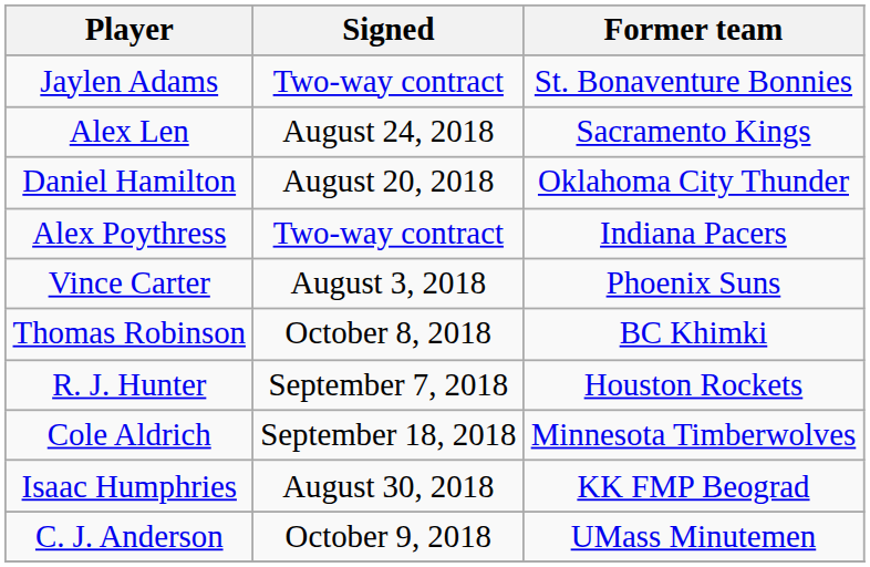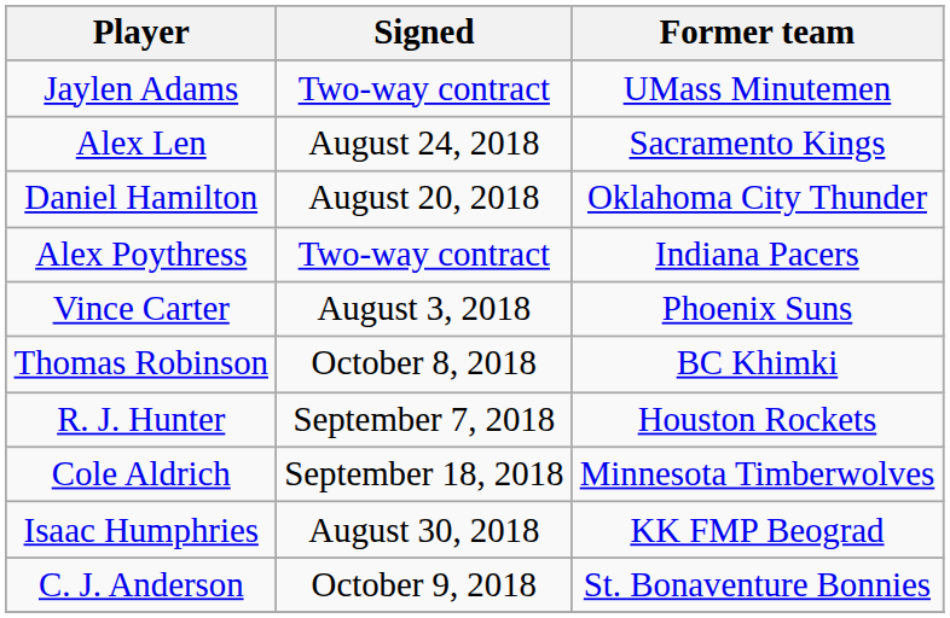 <table class="wikitable sortable sortable" style="text-align: center">
 <tr>
 <th>Player</th>
 <th>Signed</th>
 <th>Former team</th>
 </tr>
 <tr style="text-align: center">
 <td><a href='#'>Jaylen Adams</a></td>
 <td><a href='#'>Two-way contract</a></td>
-<td><a href='#'>St. Bonaventure Bonnies</a></td>
+<td><a href='#'>UMass Minutemen</a></td>
 </tr>
 <tr style="text-align: center">
 <td><a href='#'>Alex Len</a></td>
 <td>August 24, 2018</td>
 <td><a href='#'>Sacramento Kings</a></td>
 </tr>
 <tr style="text-align: center">
 <td><a href='#'>Daniel Hamilton</a></td>
 <td>August 20, 2018</td>
 <td><a href='#'>Oklahoma City Thunder</a></td>
 </tr>
 <tr style="text-align: center">
 <td><a href='#'>Alex Poythress</a></td>
 <td><a href='#'>Two-way contract</a></td>
 <td><a href='#'>Indiana Pacers</a></td>
 </tr>
 <tr style="text-align: center">
 <td><a href='#'>Vince Carter</a></td>
 <td>August 3, 2018</td>
 <td><a href='#'>Phoenix Suns</a></td>
 </tr>
 <tr style="text-align:center">
 <td><a href='#'>Thomas Robinson</a></td>
 <td>October 8, 2018</td>
 <td> <a href='#'>BC Khimki</a></td>
 </tr>
 <tr>
 <td><a href='#'>R. J. Hunter</a></td>
 <td>September 7, 2018</td>
 <td><a href='#'>Houston Rockets</a></td>
 </tr>
 <tr>
 <td><a href='#'>Cole Aldrich</a></td>
 <td>September 18, 2018</td>
 <td><a href='#'>Minnesota Timberwolves</a></td>
 </tr>
 <tr>
 <td><a href='#'>Isaac Humphries</a></td>
 <td>August 30, 2018</td>
 <td> <a href='#'>KK FMP Beograd</a></td>
 </tr>
 <tr>
 <td><a href='#'>C. J. Anderson</a></td>
 <td>October 9, 2018</td>
-<td><a href='#'>UMass Minutemen</a></td>
+<td><a href='#'>St. Bonaventure Bonnies</a></td>
 </tr>
 <tr>
 </tr>
 </table>
